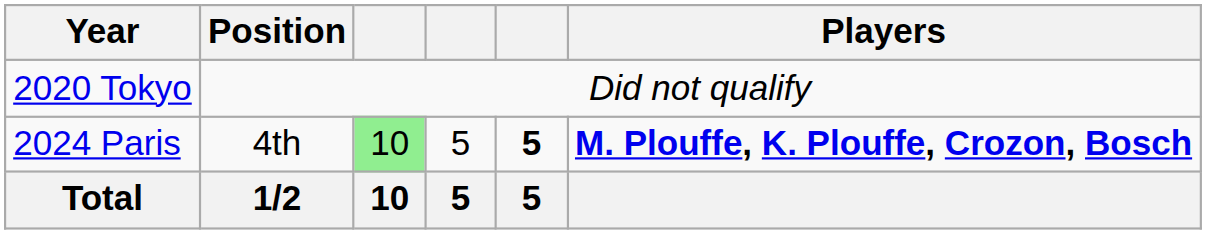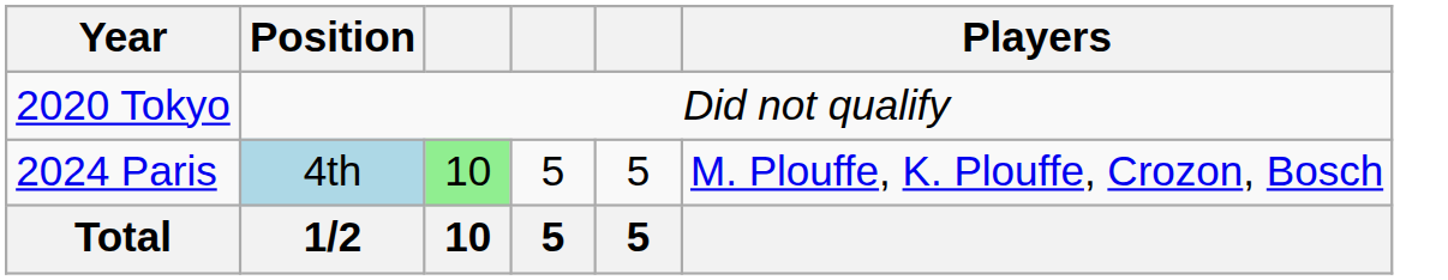 <table class="wikitable" style="text-align: center;">
 <tr>
 <th>Year</th>
 <th>Position</th>
 <th width=25px></th>
 <th width=25px></th>
 <th width=25px></th>
 <th>Players</th>
 </tr>
 <tr>
 <td style="text-align: left;"> <a href='#'>2020 Tokyo</a></td>
 <td colspan=5><em>Did not qualify</em></td>
 </tr>
 <tr>
 <td style="text-align: left;"> <a href='#'>2024 Paris</a></td>
-<td>4th</td>
+<td style="background: lightblue;">4th</td>
 <td style="background: lightgreen;">10</td>
 <td>5</td>
-<td><strong>5</strong></td>
-<td><strong><a href='#'>M. Plouffe</a>, <a href='#'>K. Plouffe</a>, <a href='#'>Crozon</a>, <a href='#'>Bosch</a></strong></td>
+<td>5</td>
+<td><a href='#'>M. Plouffe</a>, <a href='#'>K. Plouffe</a>, <a href='#'>Crozon</a>, <a href='#'>Bosch</a></td>
 </tr>
 <tr>
 <th>Total</th>
 <th>1/2</th>
 <th>10</th>
 <th>5</th>
 <th>5</th>
 <th></th>
 </tr>
 </table>
